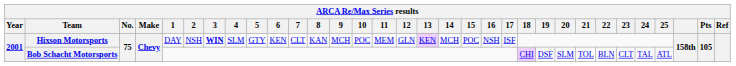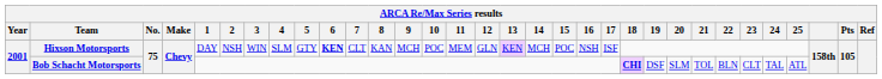 <table class="wikitable" style="text-align:center; font-size:75%">
 <tr>
 <th colspan=48><a href='#'>ARCA Re/Max Series</a> results</th>
 </tr>
 <tr>
 <th>Year</th>
 <th>Team</th>
 <th>No.</th>
 <th>Make</th>
 <th>1</th>
 <th>2</th>
 <th>3</th>
 <th>4</th>
 <th>5</th>
 <th>6</th>
 <th>7</th>
 <th>8</th>
 <th>9</th>
 <th>10</th>
 <th>11</th>
 <th>12</th>
 <th>13</th>
 <th>14</th>
 <th>15</th>
 <th>16</th>
 <th>17</th>
 <th>18</th>
 <th>19</th>
 <th>20</th>
 <th>21</th>
 <th>22</th>
 <th>23</th>
 <th>24</th>
 <th>25</th>
 <th></th>
 <th>Pts</th>
 <th>Ref</th>
 </tr>
 <tr>
 <th rowspan=2><a href='#'>2001</a></th>
 <th><a href='#'>Hixson Motorsports</a></th>
 <th rowspan=2>75</th>
 <th rowspan=2><a href='#'>Chevy</a></th>
 <td><a href='#'>DAY</a></td>
 <td><a href='#'>NSH</a></td>
-<td><strong><a href='#'>WIN</a></strong></td>
+<td><a href='#'>WIN</a></td>
 <td><a href='#'>SLM</a></td>
 <td><a href='#'>GTY</a></td>
-<td><a href='#'>KEN</a></td>
+<td><strong><a href='#'>KEN</a></strong></td>
 <td><a href='#'>CLT</a></td>
 <td><a href='#'>KAN</a></td>
 <td><a href='#'>MCH</a></td>
 <td><a href='#'>POC</a></td>
 <td><a href='#'>MEM</a></td>
 <td><a href='#'>GLN</a></td>
 <td style="background:#EFCFFF;"><a href='#'>KEN</a><br></td>
 <td><a href='#'>MCH</a></td>
 <td><a href='#'>POC</a></td>
 <td><a href='#'>NSH</a></td>
 <td><a href='#'>ISF</a></td>
 <td colspan=8></td>
 <th rowspan=2>158th</th>
 <th rowspan=2>105</th>
 <th rowspan=2></th>
 </tr>
 <tr>
 <th><a href='#'>Bob Schacht Motorsports</a></th>
 <td colspan=17></td>
-<td style="background:#EFCFFF;"><a href='#'>CHI</a><br></td>
+<td style="background:#EFCFFF;"><strong><a href='#'>CHI</a><br></strong></td>
 <td><a href='#'>DSF</a></td>
 <td><a href='#'>SLM</a></td>
 <td><a href='#'>TOL</a></td>
 <td><a href='#'>BLN</a></td>
 <td><a href='#'>CLT</a></td>
 <td><a href='#'>TAL</a></td>
 <td><a href='#'>ATL</a></td>
 </tr>
 </table>
